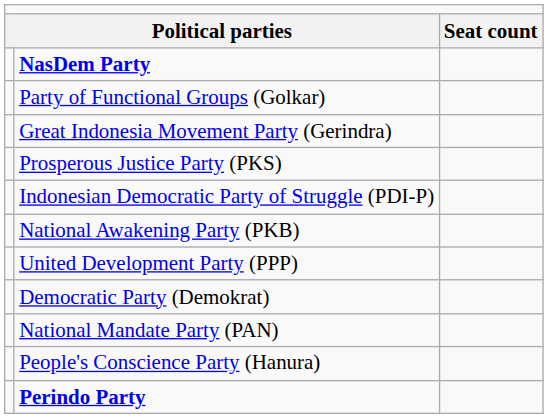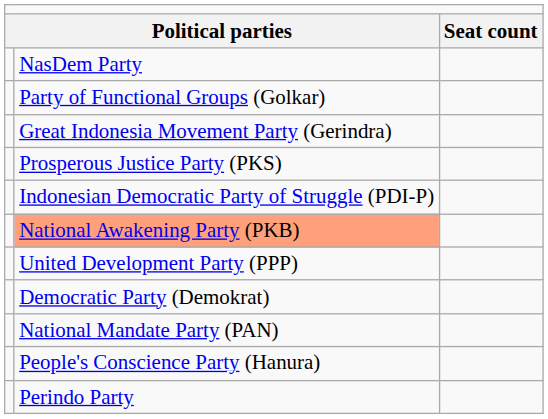 <table class="wikitable">
 <tr>
 <td colspan="4"></td>
 </tr>
 <tr>
 <th colspan="2">Political parties</th>
 <th>Seat count</th>
 </tr>
 <tr>
 <td bgcolor=></td>
-<td><strong><a href='#'>NasDem Party</a></strong></td>
+<td><a href='#'>NasDem Party</a></td>
 <td></td>
 </tr>
 <tr>
 <td bgcolor=></td>
 <td><a href='#'>Party of Functional Groups</a> (Golkar)</td>
 <td></td>
 </tr>
 <tr>
 <td bgcolor=></td>
 <td><a href='#'>Great Indonesia Movement Party</a> (Gerindra)</td>
 <td></td>
 </tr>
 <tr>
 <td bgcolor=></td>
 <td><a href='#'>Prosperous Justice Party</a> (PKS)</td>
 <td></td>
 </tr>
 <tr>
 <td bgcolor=></td>
 <td><a href='#'>Indonesian Democratic Party of Struggle</a> (PDI-P)</td>
 <td></td>
 </tr>
 <tr>
 <td bgcolor=></td>
-<td><a href='#'>National Awakening Party</a> (PKB)</td>
+<td style="background: lightsalmon;"><a href='#'>National Awakening Party</a> (PKB)</td>
 <td></td>
 </tr>
 <tr>
 <td bgcolor=></td>
 <td><a href='#'>United Development Party</a> (PPP)</td>
 <td></td>
 </tr>
 <tr>
 <td bgcolor=></td>
 <td><a href='#'>Democratic Party</a> (Demokrat)</td>
 <td></td>
 </tr>
 <tr>
 <td bgcolor=></td>
 <td><a href='#'>National Mandate Party</a> (PAN)</td>
 <td></td>
 </tr>
 <tr>
 <td bgcolor=></td>
 <td><a href='#'>People's Conscience Party</a> (Hanura)</td>
 <td></td>
 </tr>
 <tr>
 <td bgcolor=></td>
-<td><strong><a href='#'>Perindo Party</a></strong></td>
+<td><a href='#'>Perindo Party</a></td>
 <td></td>
 </tr>
 </table>
